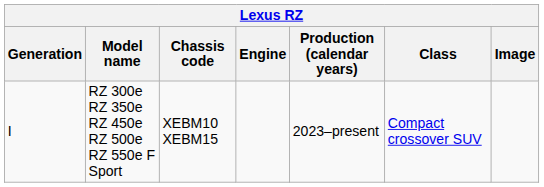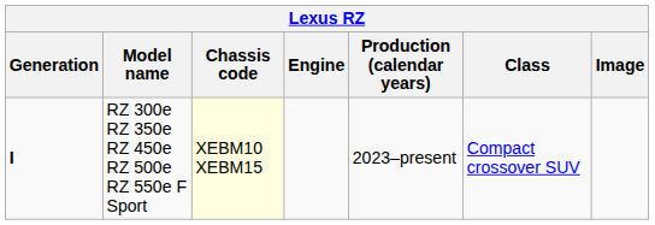 <table class="wikitable collapsible" style="font-size:97% style="width:90%; text-align:center">
 <tr>
 <th colspan=7 align=left><a href='#'>Lexus RZ</a></th>
 </tr>
 <tr>
 <th>Generation</th>
 <th>Model name</th>
 <th>Chassis code</th>
 <th>Engine</th>
 <th>Production<br>(calendar years)</th>
 <th>Class</th>
 <th>Image</th>
 </tr>
 <tr>
-<td>I</td>
+<td><strong>I</strong></td>
 <td>RZ 300e<br>RZ 350e<br>RZ 450e<br>RZ 500e<br>RZ 550e F Sport</td>
-<td>XEBM10<br>XEBM15</td>
+<td style="background: lightyellow;">XEBM10<br>XEBM15</td>
 <td></td>
 <td>2023–present</td>
 <td><a href='#'>Compact crossover SUV</a></td>
 <td></td>
 </tr>
 </table>
